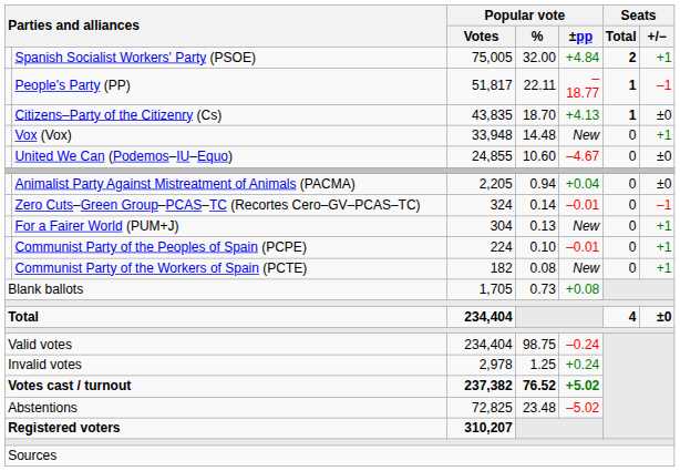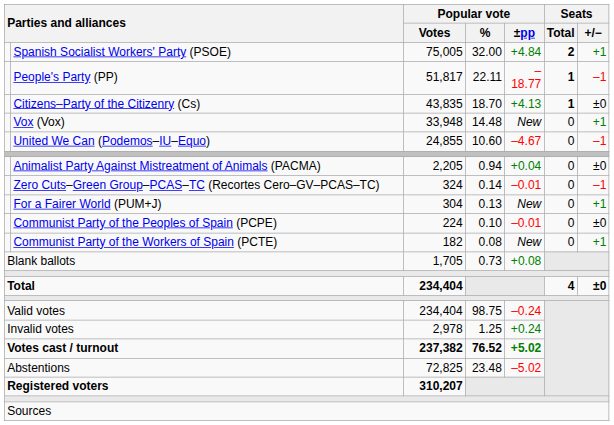 <table class="wikitable" style="text-align:right;">
 <tr>
 <th style="text-align:left;" rowspan="2" colspan="2" width="525">Parties and alliances</th>
 <th colspan="3">Popular vote</th>
 <th colspan="2">Seats</th>
 </tr>
 <tr>
 <th width="75">Votes</th>
 <th width="45">%</th>
 <th width="45">±<a href='#'>pp</a></th>
 <th width="35">Total</th>
 <th width="35">+/−</th>
 </tr>
 <tr>
 <td width="1" style="color:inherit;background:"></td>
 <td align="left"><a href='#'>Spanish Socialist Workers' Party</a> (PSOE)</td>
 <td>75,005</td>
 <td>32.00</td>
 <td style="color:green;">+4.84</td>
 <td><strong>2</strong></td>
 <td style="color:green;">+1</td>
 </tr>
 <tr>
 <td style="color:inherit;background:"></td>
 <td align="left"><a href='#'>People's Party</a> (PP)</td>
 <td>51,817</td>
 <td>22.11</td>
 <td style="color:red;">–18.77</td>
 <td><strong>1</strong></td>
 <td style="color:red;">–1</td>
 </tr>
 <tr>
 <td style="color:inherit;background:"></td>
 <td align="left"><a href='#'>Citizens–Party of the Citizenry</a> (Cs)</td>
 <td>43,835</td>
 <td>18.70</td>
 <td style="color:green;">+4.13</td>
 <td><strong>1</strong></td>
 <td>±0</td>
 </tr>
 <tr>
 <td style="color:inherit;background:"></td>
 <td align="left"><a href='#'>Vox</a> (Vox)</td>
 <td>33,948</td>
 <td>14.48</td>
 <td><em>New</em></td>
 <td>0</td>
 <td style="color:green;">+1</td>
 </tr>
 <tr>
 <td style="color:inherit;background:"></td>
 <td align="left"><a href='#'>United We Can</a> (<a href='#'>Podemos</a>–<a href='#'>IU</a>–<a href='#'>Equo</a>)</td>
 <td>24,855</td>
 <td>10.60</td>
 <td style="color:red;">–4.67</td>
 <td>0</td>
-<td>±0</td>
+<td style="color:red;">–1</td>
 </tr>
 <tr>
 <td colspan="7" bgcolor="#C0C0C0"></td>
 </tr>
 <tr>
 <td style="color:inherit;background:"></td>
 <td align="left"><a href='#'>Animalist Party Against Mistreatment of Animals</a> (PACMA)</td>
 <td>2,205</td>
 <td>0.94</td>
 <td style="color:green;">+0.04</td>
 <td>0</td>
 <td>±0</td>
 </tr>
 <tr>
 <td style="color:inherit;background:"></td>
 <td align="left"><a href='#'>Zero Cuts</a>–<a href='#'>Green Group</a>–<a href='#'>PCAS</a>–<a href='#'>TC</a> (Recortes Cero–GV–PCAS–TC)</td>
 <td>324</td>
 <td>0.14</td>
 <td style="color:red;">–0.01</td>
 <td>0</td>
 <td style="color:red;">–1</td>
 </tr>
 <tr>
 <td style="color:inherit;background:"></td>
 <td align="left"><a href='#'>For a Fairer World</a> (PUM+J)</td>
 <td>304</td>
 <td>0.13</td>
 <td><em>New</em></td>
 <td>0</td>
 <td style="color:green;">+1</td>
 </tr>
 <tr>
 <td style="color:inherit;background:"></td>
 <td align="left"><a href='#'>Communist Party of the Peoples of Spain</a> (PCPE)</td>
 <td>224</td>
 <td>0.10</td>
 <td style="color:red;">–0.01</td>
 <td>0</td>
-<td style="color:green;">+1</td>
+<td>±0</td>
 </tr>
 <tr>
 <td style="color:inherit;background:"></td>
 <td align="left"><a href='#'>Communist Party of the Workers of Spain</a> (PCTE)</td>
 <td>182</td>
 <td>0.08</td>
 <td><em>New</em></td>
 <td>0</td>
 <td style="color:green;">+1</td>
 </tr>
 <tr>
 <td align="left" colspan="2">Blank ballots</td>
 <td>1,705</td>
 <td>0.73</td>
 <td style="color:green;">+0.08</td>
 <td bgcolor="#E9E9E9" colspan="2"></td>
 </tr>
 <tr>
 <td colspan="7" bgcolor="#E9E9E9"></td>
 </tr>
 <tr style="font-weight:bold;">
 <td align="left" colspan="2">Total</td>
 <td>234,404</td>
 <td bgcolor="#E9E9E9" colspan="2"></td>
 <td>4</td>
 <td>±0</td>
 </tr>
 <tr>
 <td colspan="7" bgcolor="#E9E9E9"></td>
 </tr>
 <tr>
 <td align="left" colspan="2">Valid votes</td>
 <td>234,404</td>
 <td>98.75</td>
 <td style="color:red;">–0.24</td>
 <td bgcolor="#E9E9E9" colspan="2" rowspan="5"></td>
 </tr>
 <tr>
 <td align="left" colspan="2">Invalid votes</td>
 <td>2,978</td>
 <td>1.25</td>
 <td style="color:green;">+0.24</td>
 </tr>
 <tr style="font-weight:bold;">
 <td align="left" colspan="2">Votes cast / turnout</td>
 <td>237,382</td>
 <td>76.52</td>
 <td style="color:green;">+5.02</td>
 </tr>
 <tr>
 <td align="left" colspan="2">Abstentions</td>
 <td>72,825</td>
 <td>23.48</td>
 <td style="color:red;">–5.02</td>
 </tr>
 <tr style="font-weight:bold;">
 <td align="left" colspan="2">Registered voters</td>
 <td>310,207</td>
 <td bgcolor="#E9E9E9" colspan="2"></td>
 </tr>
 <tr>
 <td colspan="7" bgcolor="#E9E9E9"></td>
 </tr>
 <tr>
 <td align="left" colspan="7">Sources</td>
 </tr>
 </table>
